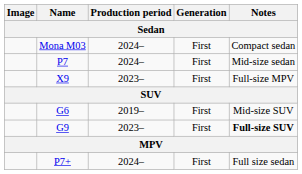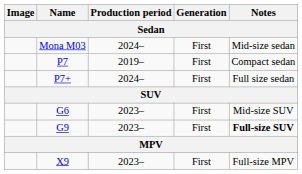 <table class="wikitable" style="text-align: center;">
 <tr>
 <th>Image</th>
 <th>Name</th>
 <th>Production period</th>
 <th>Generation</th>
 <th>Notes</th>
 </tr>
 <tr>
 <th colspan="5">Sedan</th>
 </tr>
 <tr>
 <td></td>
 <td><a href='#'>Mona M03</a></td>
 <td>2024–</td>
 <td>First</td>
+<td>Mid-size sedan</td>
+</tr>
+<tr>
+<td></td>
+<td><a href='#'>P7</a></td>
+<td>2019–</td>
+<td>First</td>
 <td>Compact sedan</td>
 </tr>
 <tr>
 <td></td>
-<td><a href='#'>P7</a></td>
+<td><a href='#'>P7+</a></td>
 <td>2024–</td>
 <td>First</td>
-<td>Mid-size sedan</td>
-</tr>
-<tr>
-<td></td>
-<td><a href='#'>X9</a></td>
-<td>2023–</td>
-<td>First</td>
-<td>Full-size MPV</td>
+<td>Full size sedan</td>
 </tr>
 <tr>
 <th colspan="5">SUV</th>
 </tr>
 <tr>
 <td></td>
 <td><a href='#'>G6</a></td>
-<td>2019–</td>
+<td>2023–</td>
 <td>First</td>
 <td>Mid-size SUV</td>
 </tr>
 <tr>
 <td></td>
 <td><a href='#'>G9</a></td>
 <td>2023–</td>
 <td>First</td>
 <td><strong>Full-size SUV</strong></td>
 </tr>
 <tr>
 <th colspan="5">MPV</th>
 </tr>
 <tr>
 <td></td>
-<td><a href='#'>P7+</a></td>
-<td>2024–</td>
+<td><a href='#'>X9</a></td>
+<td>2023–</td>
 <td>First</td>
-<td>Full size sedan</td>
+<td>Full-size MPV</td>
 </tr>
 </table>
